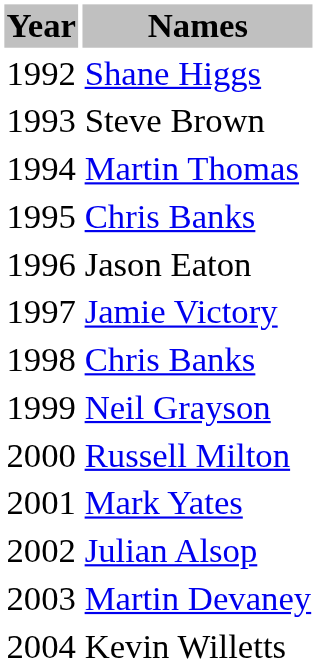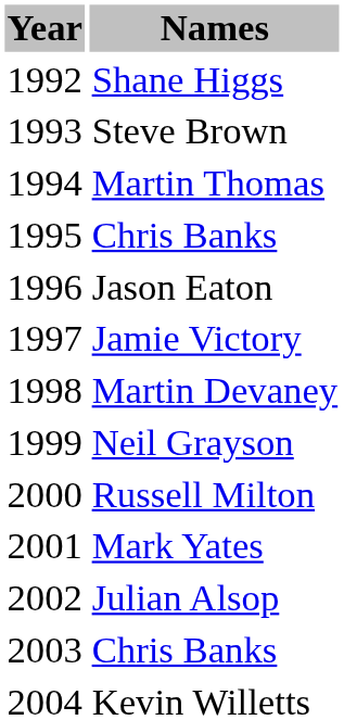 <table class="toccolours">
 <tr>
 <th bgcolor=silver>Year</th>
 <th bgcolor=silver>Names</th>
 </tr>
 <tr>
 <td>1992</td>
 <td> <a href='#'>Shane Higgs</a></td>
 </tr>
 <tr>
 <td>1993</td>
 <td> Steve Brown</td>
 </tr>
 <tr>
 <td>1994</td>
 <td> <a href='#'>Martin Thomas</a></td>
 </tr>
 <tr>
 <td>1995</td>
 <td> <a href='#'>Chris Banks</a></td>
 </tr>
 <tr>
 <td>1996</td>
 <td> Jason Eaton</td>
 </tr>
 <tr>
 <td>1997</td>
 <td> <a href='#'>Jamie Victory</a></td>
 </tr>
 <tr>
 <td>1998</td>
-<td> <a href='#'>Chris Banks</a></td>
+<td> <a href='#'>Martin Devaney</a></td>
 </tr>
 <tr>
 <td>1999</td>
 <td> <a href='#'>Neil Grayson</a></td>
 </tr>
 <tr>
 <td>2000</td>
 <td> <a href='#'>Russell Milton</a></td>
 </tr>
 <tr>
 <td>2001</td>
 <td> <a href='#'>Mark Yates</a></td>
 </tr>
 <tr>
 <td>2002</td>
 <td> <a href='#'>Julian Alsop</a></td>
 </tr>
 <tr>
 <td>2003</td>
-<td> <a href='#'>Martin Devaney</a></td>
+<td> <a href='#'>Chris Banks</a></td>
 </tr>
 <tr>
 <td>2004</td>
 <td> Kevin Willetts</td>
 </tr>
 <tr>
 </tr>
 </table>
